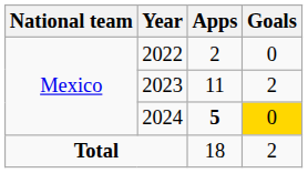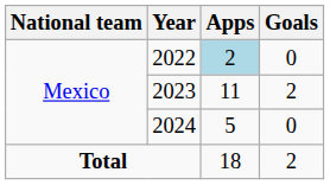 <table class="wikitable" style="text-align: center;">
 <tr>
 <th>National team</th>
 <th>Year</th>
 <th>Apps</th>
 <th>Goals</th>
 </tr>
 <tr>
 <td rowspan="3"><a href='#'>Mexico</a></td>
 <td>2022</td>
-<td>2</td>
+<td style="background: lightblue;">2</td>
 <td>0</td>
 </tr>
 <tr>
 <td>2023</td>
 <td>11</td>
 <td>2</td>
 </tr>
 <tr>
 <td>2024</td>
-<td><strong>5</strong></td>
-<td style="background: gold;">0</td>
+<td>5</td>
+<td>0</td>
 </tr>
 <tr>
 <td colspan="2"><strong>Total</strong></td>
 <td>18</td>
 <td>2</td>
 </tr>
 </table>
